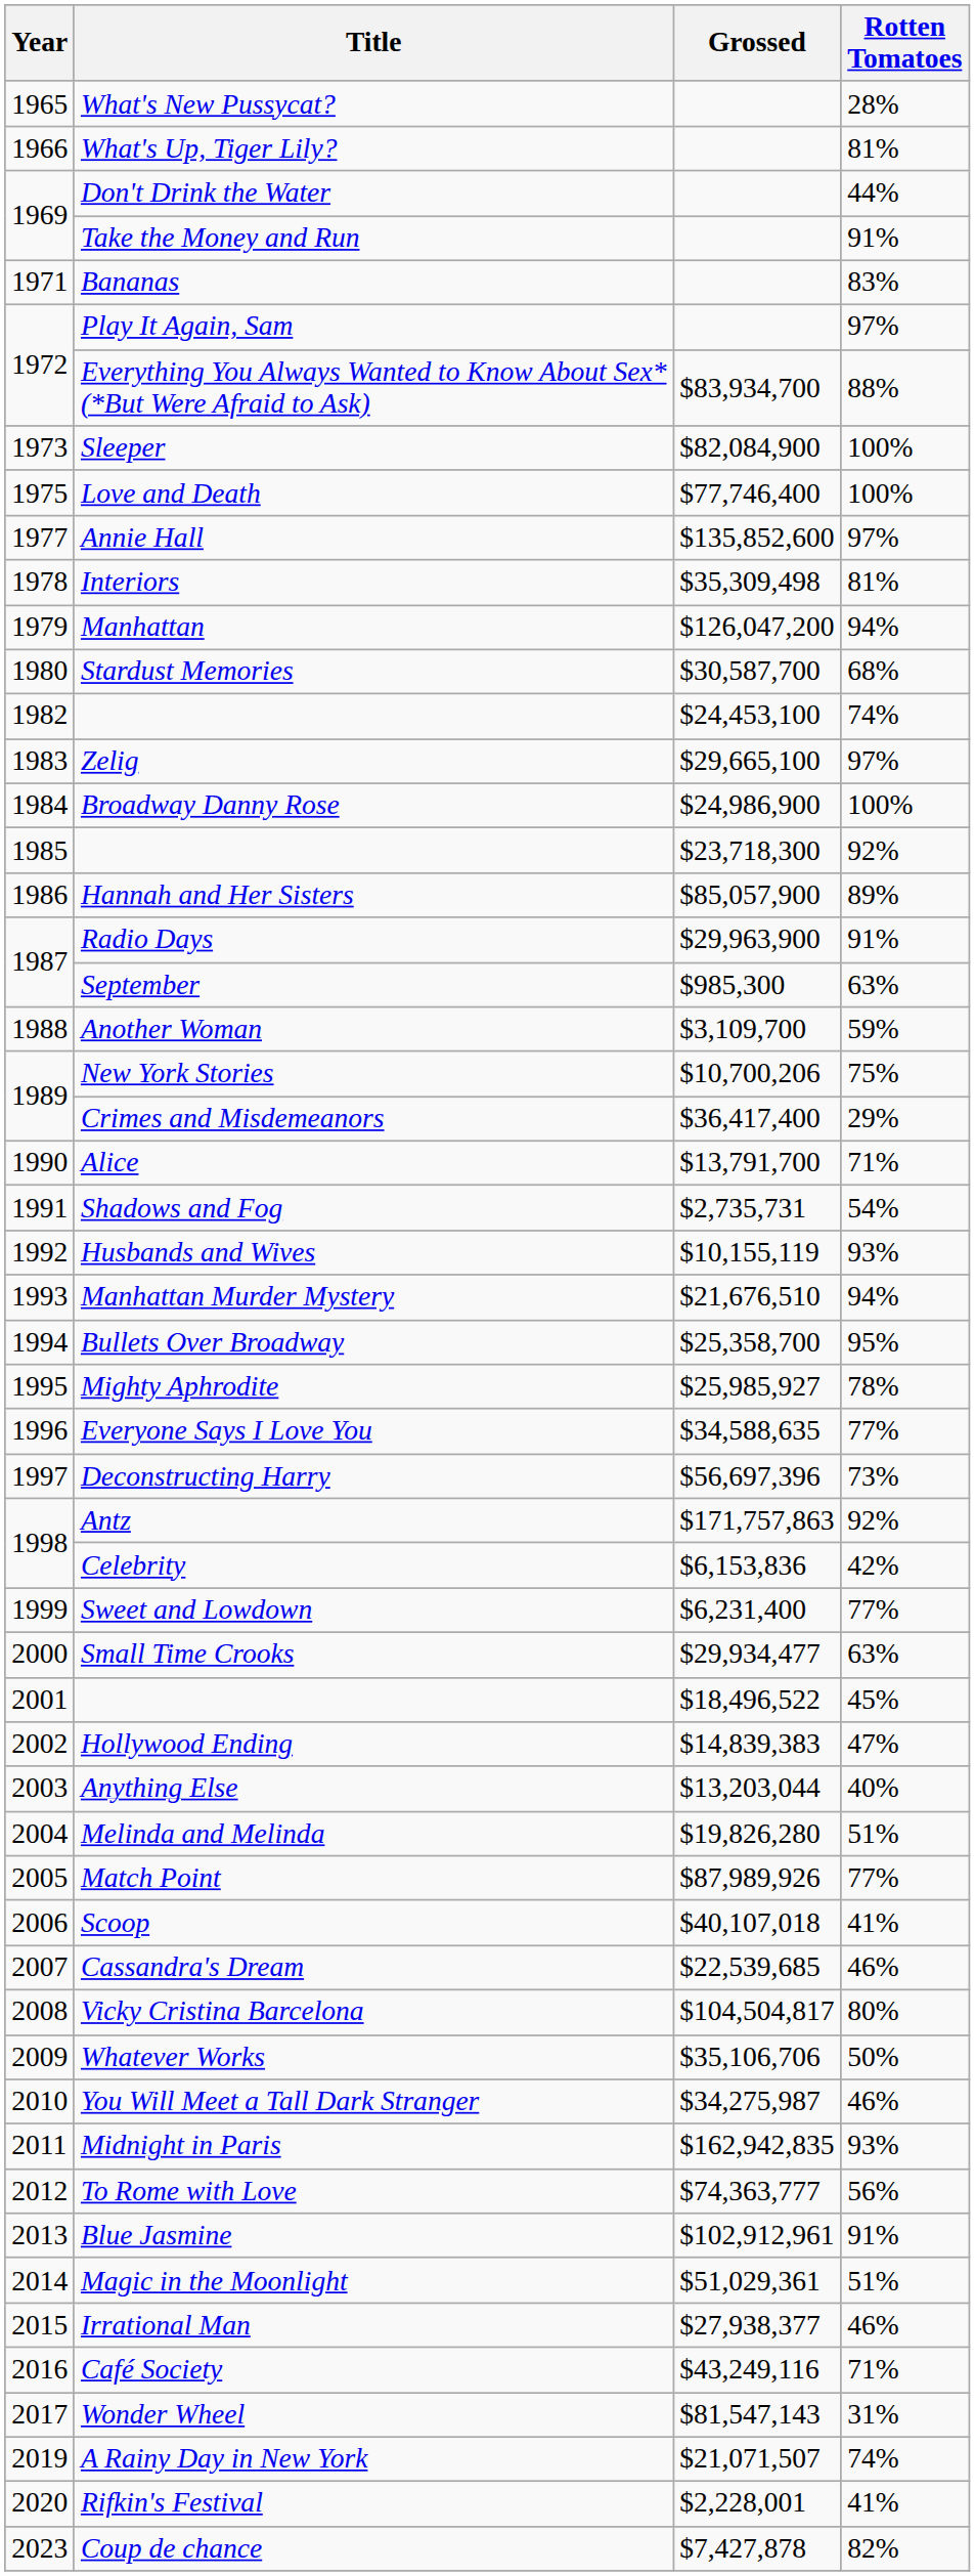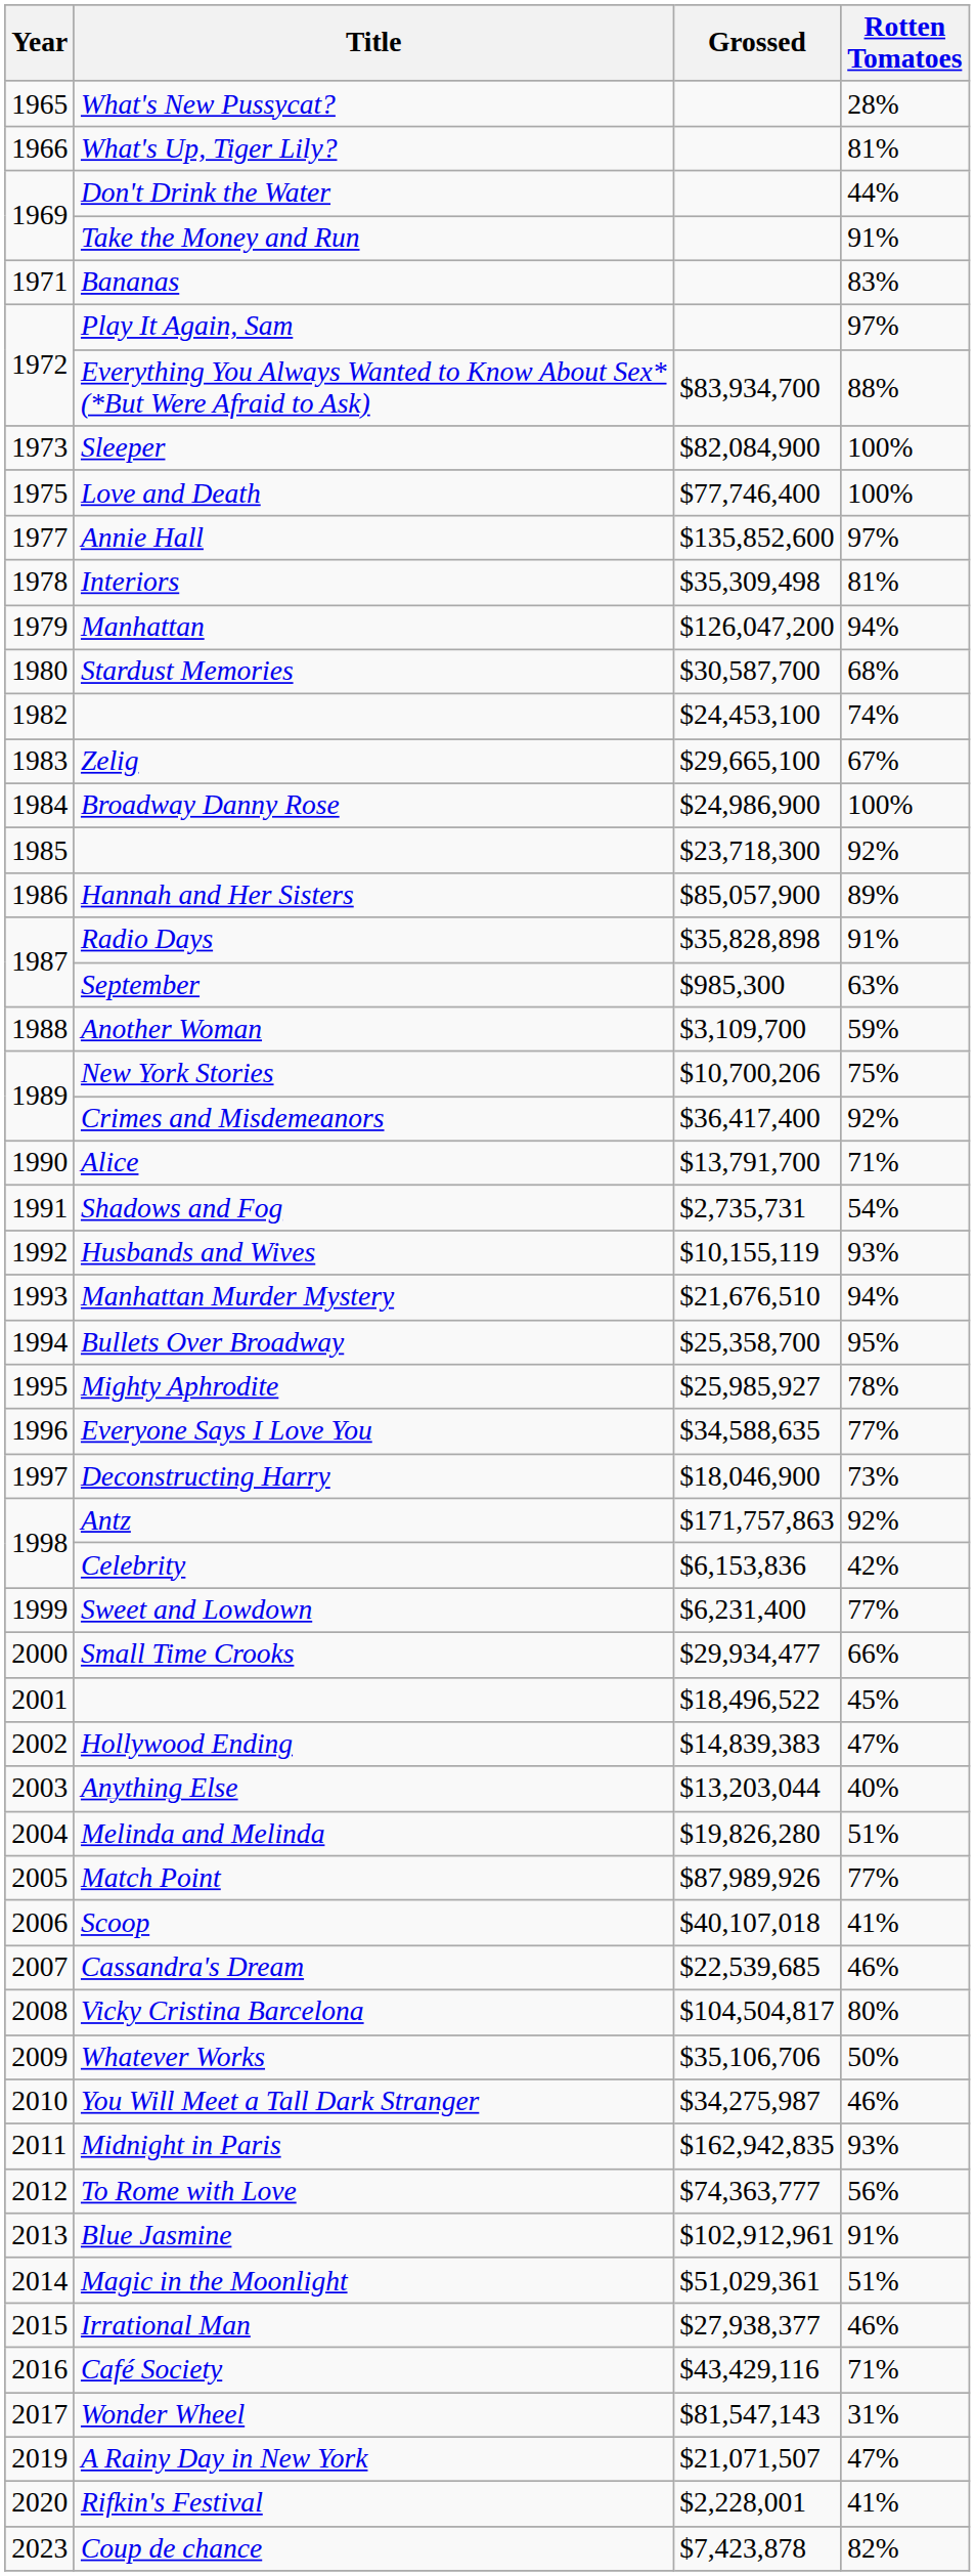 <table class="wikitable sortable">
 <tr>
 <th>Year</th>
 <th>Title</th>
 <th style="width:45px">Grossed</th>
 <th style="width:50px"><a href='#'>Rotten Tomatoes</a></th>
 </tr>
 <tr>
 <td>1965</td>
 <td><em><a href='#'>What's New Pussycat?</a></em></td>
 <td></td>
 <td>28%</td>
 </tr>
 <tr>
 <td>1966</td>
 <td><em><a href='#'>What's Up, Tiger Lily?</a></em></td>
 <td></td>
 <td>81%</td>
 </tr>
 <tr>
 <td rowspan="2">1969</td>
 <td><em><a href='#'>Don't Drink the Water</a></em></td>
 <td></td>
 <td>44%</td>
 </tr>
 <tr>
 <td><em><a href='#'>Take the Money and Run</a></em></td>
 <td></td>
 <td>91%</td>
 </tr>
 <tr>
 <td>1971</td>
 <td><em><a href='#'>Bananas</a></em></td>
 <td></td>
 <td>83%</td>
 </tr>
 <tr>
 <td rowspan="2">1972</td>
 <td><em><a href='#'>Play It Again, Sam</a></em></td>
 <td></td>
 <td>97%</td>
 </tr>
 <tr>
 <td><em><a href='#'>Everything You Always Wanted to Know About Sex*<br>(*But Were Afraid to Ask)</a></em></td>
 <td>$83,934,700</td>
 <td>88%</td>
 </tr>
 <tr>
 <td>1973</td>
 <td><em><a href='#'>Sleeper</a></em></td>
 <td>$82,084,900</td>
 <td>100%</td>
 </tr>
 <tr>
 <td>1975</td>
 <td><em><a href='#'>Love and Death</a></em></td>
 <td>$77,746,400</td>
 <td>100%</td>
 </tr>
 <tr>
 <td>1977</td>
 <td><em><a href='#'>Annie Hall</a></em></td>
 <td>$135,852,600</td>
 <td>97%</td>
 </tr>
 <tr>
 <td>1978</td>
 <td><em><a href='#'>Interiors</a></em></td>
 <td>$35,309,498</td>
 <td>81%</td>
 </tr>
 <tr>
 <td>1979</td>
 <td><em><a href='#'>Manhattan</a></em></td>
 <td>$126,047,200</td>
 <td>94%</td>
 </tr>
 <tr>
 <td>1980</td>
 <td><em><a href='#'>Stardust Memories</a></em></td>
 <td>$30,587,700</td>
 <td>68%</td>
 </tr>
 <tr>
 <td>1982</td>
 <td><em></em></td>
 <td>$24,453,100</td>
 <td>74%</td>
 </tr>
 <tr>
 <td>1983</td>
 <td><em><a href='#'>Zelig</a></em></td>
 <td>$29,665,100</td>
-<td>97%</td>
+<td>67%</td>
 </tr>
 <tr>
 <td>1984</td>
 <td><em><a href='#'>Broadway Danny Rose</a></em></td>
 <td>$24,986,900</td>
 <td>100%</td>
 </tr>
 <tr>
 <td>1985</td>
 <td><em></em></td>
 <td>$23,718,300</td>
 <td>92%</td>
 </tr>
 <tr>
 <td>1986</td>
 <td><em><a href='#'>Hannah and Her Sisters</a></em></td>
 <td>$85,057,900</td>
 <td>89%</td>
 </tr>
 <tr>
 <td rowspan="2">1987</td>
 <td><em><a href='#'>Radio Days</a></em></td>
-<td>$29,963,900</td>
+<td>$35,828,898</td>
 <td>91%</td>
 </tr>
 <tr>
 <td><em><a href='#'>September</a></em></td>
 <td>$985,300</td>
 <td>63%</td>
 </tr>
 <tr>
 <td>1988</td>
 <td><em><a href='#'>Another Woman</a></em></td>
 <td>$3,109,700</td>
 <td>59%</td>
 </tr>
 <tr>
 <td rowspan=2>1989</td>
 <td><em><a href='#'>New York Stories</a></em></td>
 <td>$10,700,206</td>
 <td>75%</td>
 </tr>
 <tr>
 <td><em><a href='#'>Crimes and Misdemeanors</a></em></td>
 <td>$36,417,400</td>
-<td>29%</td>
+<td>92%</td>
 </tr>
 <tr>
 <td>1990</td>
 <td><em><a href='#'>Alice</a></em></td>
 <td>$13,791,700</td>
 <td>71%</td>
 </tr>
 <tr>
 <td>1991</td>
 <td><em><a href='#'>Shadows and Fog</a></em></td>
 <td>$2,735,731</td>
 <td>54%</td>
 </tr>
 <tr>
 <td>1992</td>
 <td><em><a href='#'>Husbands and Wives</a></em></td>
 <td>$10,155,119</td>
 <td>93%</td>
 </tr>
 <tr>
 <td>1993</td>
 <td><em><a href='#'>Manhattan Murder Mystery</a></em></td>
 <td>$21,676,510</td>
 <td>94%</td>
 </tr>
 <tr>
 <td>1994</td>
 <td><em><a href='#'>Bullets Over Broadway</a></em></td>
 <td>$25,358,700</td>
 <td>95%</td>
 </tr>
 <tr>
 <td>1995</td>
 <td><em><a href='#'>Mighty Aphrodite</a></em></td>
 <td>$25,985,927</td>
 <td>78%</td>
 </tr>
 <tr>
 <td>1996</td>
 <td><em><a href='#'>Everyone Says I Love You</a></em></td>
 <td>$34,588,635</td>
 <td>77%</td>
 </tr>
 <tr>
 <td>1997</td>
 <td><em><a href='#'>Deconstructing Harry</a></em></td>
-<td>$56,697,396</td>
+<td>$18,046,900</td>
 <td>73%</td>
 </tr>
 <tr>
 <td rowspan="2">1998</td>
 <td><em><a href='#'>Antz</a></em></td>
 <td>$171,757,863</td>
 <td>92%</td>
 </tr>
 <tr>
 <td><em><a href='#'>Celebrity</a></em></td>
 <td>$6,153,836</td>
 <td>42%</td>
 </tr>
 <tr>
 <td>1999</td>
 <td><em><a href='#'>Sweet and Lowdown</a></em></td>
 <td>$6,231,400</td>
 <td>77%</td>
 </tr>
 <tr>
 <td>2000</td>
 <td><em><a href='#'>Small Time Crooks</a></em></td>
 <td>$29,934,477</td>
-<td>63%</td>
+<td>66%</td>
 </tr>
 <tr>
 <td>2001</td>
 <td><em></em></td>
 <td>$18,496,522</td>
 <td>45%</td>
 </tr>
 <tr>
 <td>2002</td>
 <td><em><a href='#'>Hollywood Ending</a></em></td>
 <td>$14,839,383</td>
 <td>47%</td>
 </tr>
 <tr>
 <td>2003</td>
 <td><em><a href='#'>Anything Else</a></em></td>
 <td>$13,203,044</td>
 <td>40%</td>
 </tr>
 <tr>
 <td>2004</td>
 <td><em><a href='#'>Melinda and Melinda</a></em></td>
 <td>$19,826,280</td>
 <td>51%</td>
 </tr>
 <tr>
 <td>2005</td>
 <td><em><a href='#'>Match Point</a></em></td>
 <td>$87,989,926</td>
 <td>77%</td>
 </tr>
 <tr>
 <td>2006</td>
 <td><em><a href='#'>Scoop</a></em></td>
 <td>$40,107,018</td>
 <td>41%</td>
 </tr>
 <tr>
 <td>2007</td>
 <td><em><a href='#'>Cassandra's Dream</a></em></td>
 <td>$22,539,685</td>
 <td>46%</td>
 </tr>
 <tr>
 <td>2008</td>
 <td><em><a href='#'>Vicky Cristina Barcelona</a></em></td>
 <td>$104,504,817</td>
 <td>80%</td>
 </tr>
 <tr>
 <td>2009</td>
 <td><em><a href='#'>Whatever Works</a></em></td>
 <td>$35,106,706</td>
 <td>50%</td>
 </tr>
 <tr>
 <td>2010</td>
 <td><em><a href='#'>You Will Meet a Tall Dark Stranger</a></em></td>
 <td>$34,275,987</td>
 <td>46%</td>
 </tr>
 <tr>
 <td>2011</td>
 <td><em><a href='#'>Midnight in Paris</a></em></td>
 <td>$162,942,835</td>
 <td>93%</td>
 </tr>
 <tr>
 <td>2012</td>
 <td><em><a href='#'>To Rome with Love</a></em></td>
 <td>$74,363,777</td>
 <td>56%</td>
 </tr>
 <tr>
 <td>2013</td>
 <td><em><a href='#'>Blue Jasmine</a></em></td>
 <td>$102,912,961</td>
 <td>91%</td>
 </tr>
 <tr>
 <td>2014</td>
 <td><em><a href='#'>Magic in the Moonlight</a></em></td>
 <td>$51,029,361</td>
 <td>51%</td>
 </tr>
 <tr>
 <td>2015</td>
 <td><em><a href='#'>Irrational Man</a></em></td>
 <td>$27,938,377</td>
 <td>46%</td>
 </tr>
 <tr>
 <td>2016</td>
 <td><em><a href='#'>Café Society</a></em></td>
-<td>$43,249,116</td>
+<td>$43,429,116</td>
 <td>71%</td>
 </tr>
 <tr>
 <td>2017</td>
 <td><em><a href='#'>Wonder Wheel</a></em></td>
 <td>$81,547,143</td>
 <td>31%</td>
 </tr>
 <tr>
 <td>2019</td>
 <td><em><a href='#'>A Rainy Day in New York</a></em></td>
 <td>$21,071,507</td>
-<td>74%</td>
+<td>47%</td>
 </tr>
 <tr>
 <td>2020</td>
 <td><em><a href='#'>Rifkin's Festival</a></em></td>
 <td>$2,228,001</td>
 <td>41%</td>
 </tr>
 <tr>
 <td>2023</td>
 <td><em><a href='#'>Coup de chance</a></em></td>
-<td>$7,427,878</td>
+<td>$7,423,878</td>
 <td>82%</td>
 </tr>
 </table>
